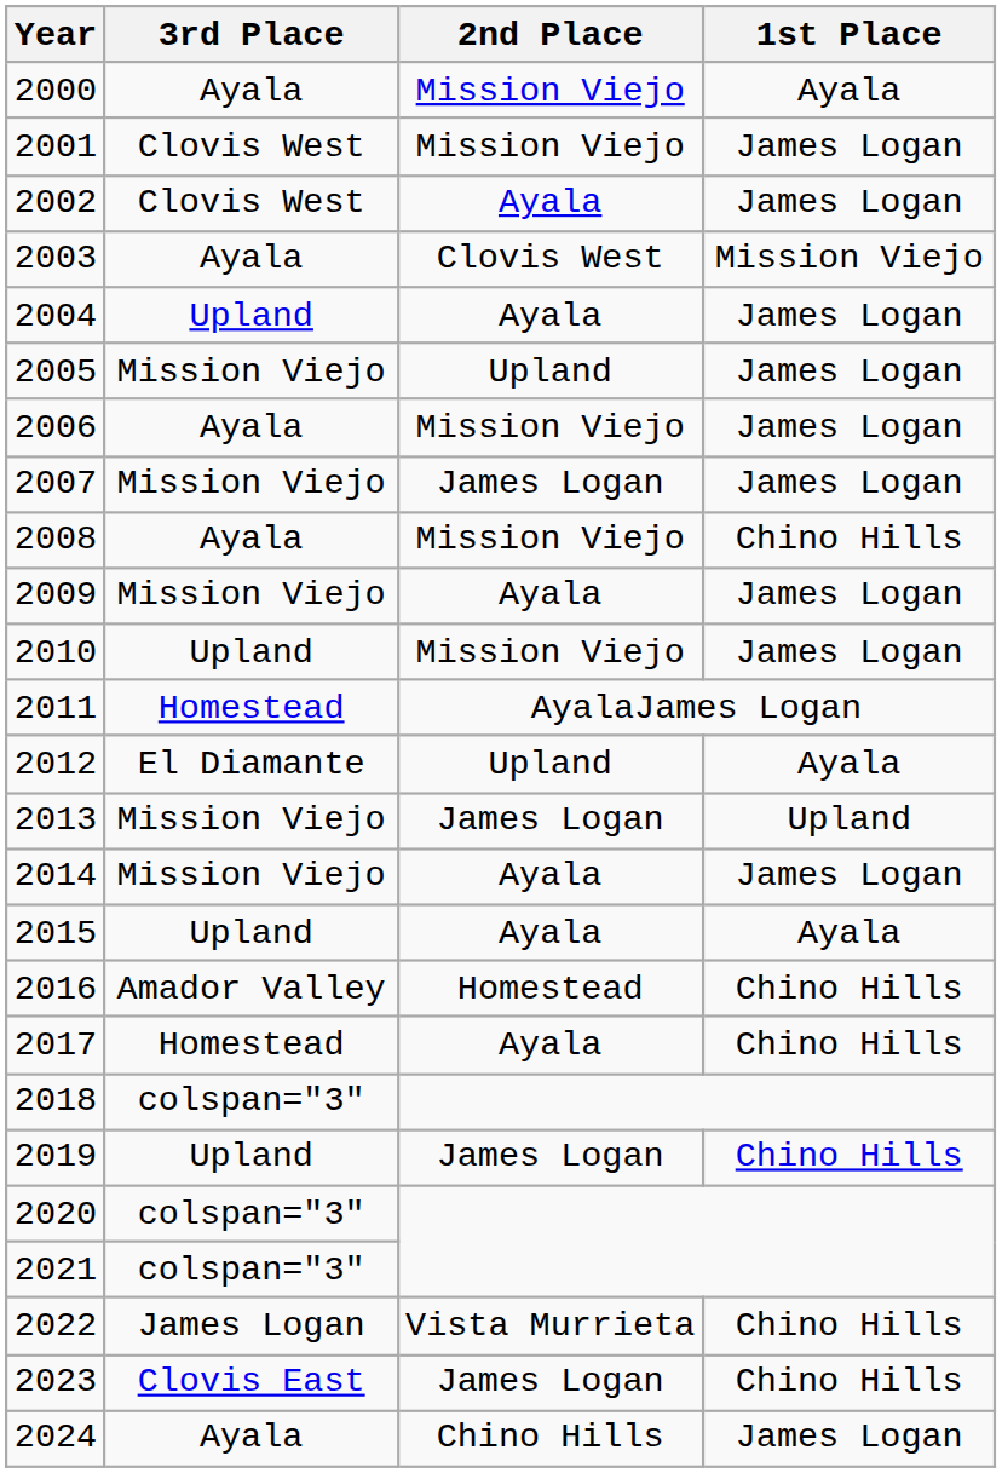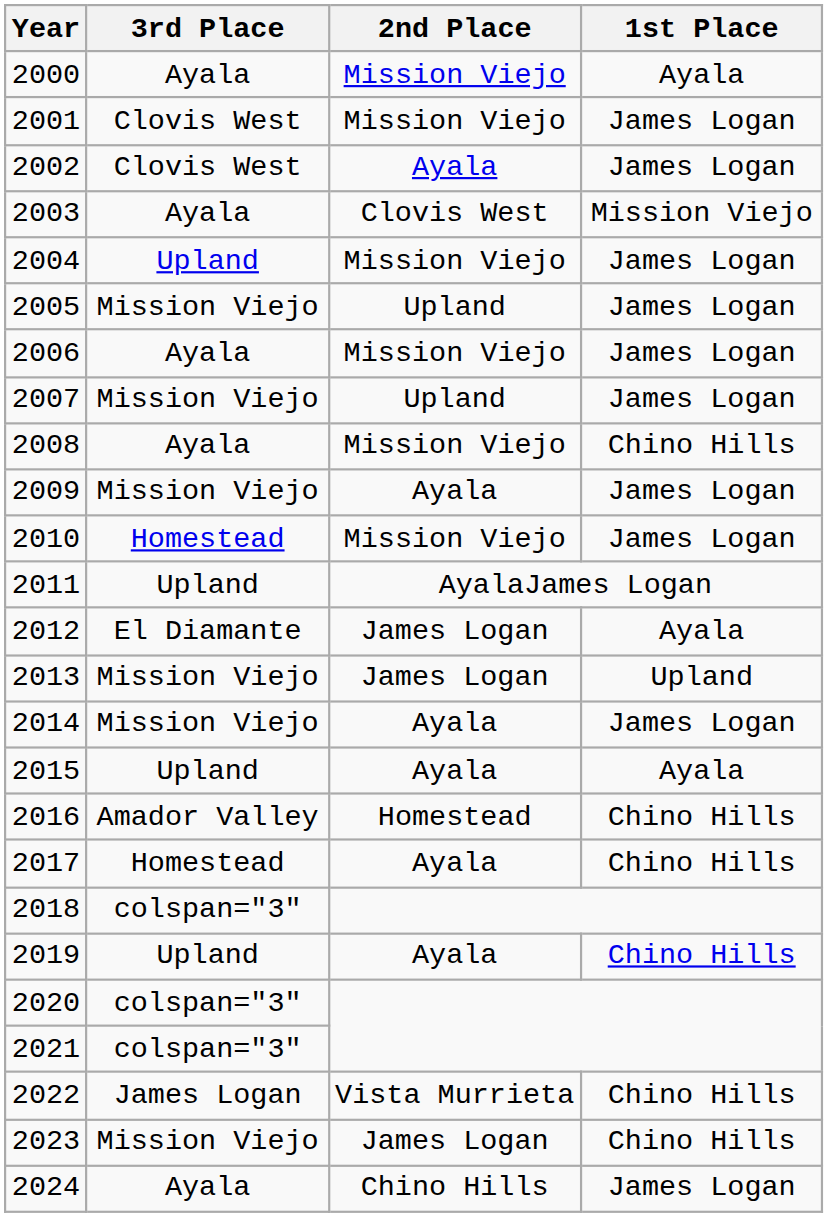 <table class="wikitable" style="text-align: center;">
 <tr>
 <th>Year</th>
 <th style="min-width: 8em;">3rd Place</th>
 <th style="min-width: 8em;">2nd Place</th>
 <th style="min-width: 8em;">1st Place</th>
 </tr>
 <tr>
 <td>2000</td>
 <td>Ayala</td>
 <td><a href='#'>Mission Viejo</a></td>
 <td>Ayala</td>
 </tr>
 <tr>
 <td>2001</td>
 <td>Clovis West</td>
 <td>Mission Viejo</td>
 <td>James Logan</td>
 </tr>
 <tr>
 <td>2002</td>
 <td>Clovis West</td>
 <td><a href='#'>Ayala</a></td>
 <td>James Logan</td>
 </tr>
 <tr>
 <td>2003</td>
 <td>Ayala</td>
 <td>Clovis West</td>
 <td>Mission Viejo</td>
 </tr>
 <tr>
 <td>2004</td>
 <td><a href='#'>Upland</a></td>
-<td>Ayala</td>
+<td>Mission Viejo</td>
 <td>James Logan</td>
 </tr>
 <tr>
 <td>2005</td>
 <td>Mission Viejo</td>
 <td>Upland</td>
 <td>James Logan</td>
 </tr>
 <tr>
 <td>2006</td>
 <td>Ayala</td>
 <td>Mission Viejo</td>
 <td>James Logan</td>
 </tr>
 <tr>
 <td>2007</td>
 <td>Mission Viejo</td>
-<td>James Logan</td>
+<td>Upland</td>
 <td>James Logan</td>
 </tr>
 <tr>
 <td>2008</td>
 <td>Ayala</td>
 <td>Mission Viejo</td>
 <td>Chino Hills</td>
 </tr>
 <tr>
 <td>2009</td>
 <td>Mission Viejo</td>
 <td>Ayala</td>
 <td>James Logan</td>
 </tr>
 <tr>
 <td>2010</td>
-<td>Upland</td>
+<td><a href='#'>Homestead</a></td>
 <td>Mission Viejo</td>
 <td>James Logan</td>
 </tr>
 <tr>
 <td>2011</td>
-<td><a href='#'>Homestead</a></td>
+<td>Upland</td>
 <td colspan="2">Ayala<em></em>James Logan</td>
 </tr>
 <tr>
 <td>2012</td>
 <td>El Diamante</td>
-<td>Upland</td>
+<td>James Logan</td>
 <td>Ayala</td>
 </tr>
 <tr>
 <td>2013</td>
 <td>Mission Viejo</td>
 <td>James Logan</td>
 <td>Upland</td>
 </tr>
 <tr>
 <td>2014</td>
 <td>Mission Viejo</td>
 <td>Ayala</td>
 <td>James Logan</td>
 </tr>
 <tr>
 <td>2015</td>
 <td>Upland</td>
 <td>Ayala</td>
 <td>Ayala</td>
 </tr>
 <tr>
 <td>2016</td>
 <td>Amador Valley</td>
 <td>Homestead</td>
 <td>Chino Hills</td>
 </tr>
 <tr>
 <td>2017</td>
 <td>Homestead</td>
 <td>Ayala</td>
 <td>Chino Hills</td>
 </tr>
 <tr>
 <td>2018</td>
 <td>colspan="3" </td>
 </tr>
 <tr>
 <td>2019</td>
 <td>Upland</td>
-<td>James Logan</td>
+<td>Ayala</td>
 <td><a href='#'>Chino Hills</a></td>
 </tr>
 <tr>
 <td>2020</td>
 <td>colspan="3" </td>
 </tr>
 <tr>
 <td>2021</td>
 <td>colspan="3" </td>
 </tr>
 <tr>
 <td>2022</td>
 <td>James Logan</td>
 <td>Vista Murrieta</td>
 <td>Chino Hills</td>
 </tr>
 <tr>
 <td>2023</td>
-<td><a href='#'>Clovis East</a></td>
+<td>Mission Viejo</td>
 <td>James Logan</td>
 <td>Chino Hills</td>
 </tr>
 <tr>
 <td>2024</td>
 <td>Ayala</td>
 <td>Chino Hills</td>
 <td>James Logan</td>
 </tr>
 </table>
